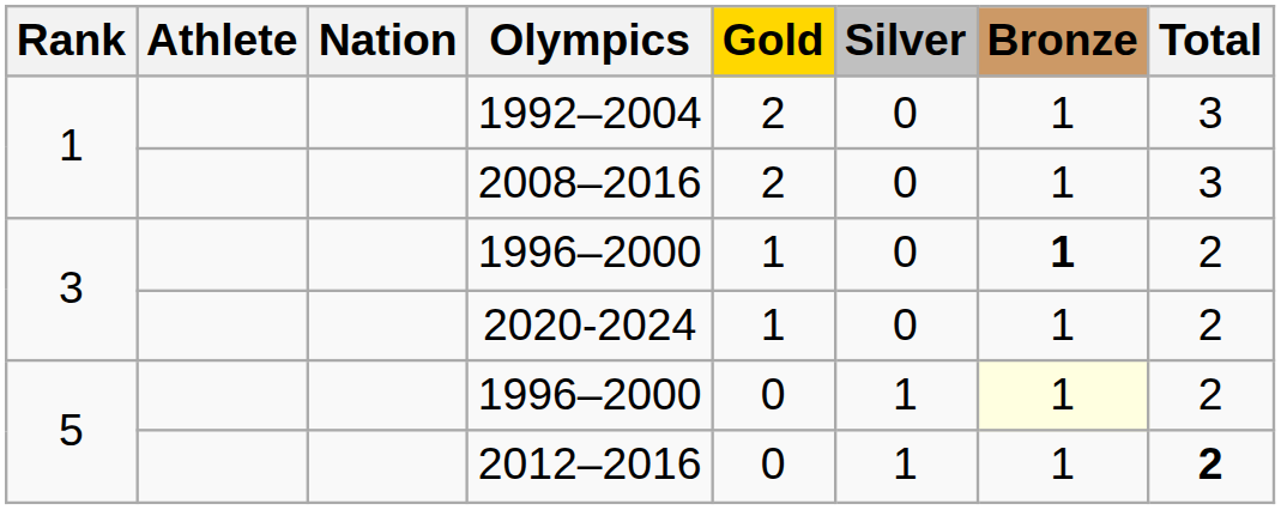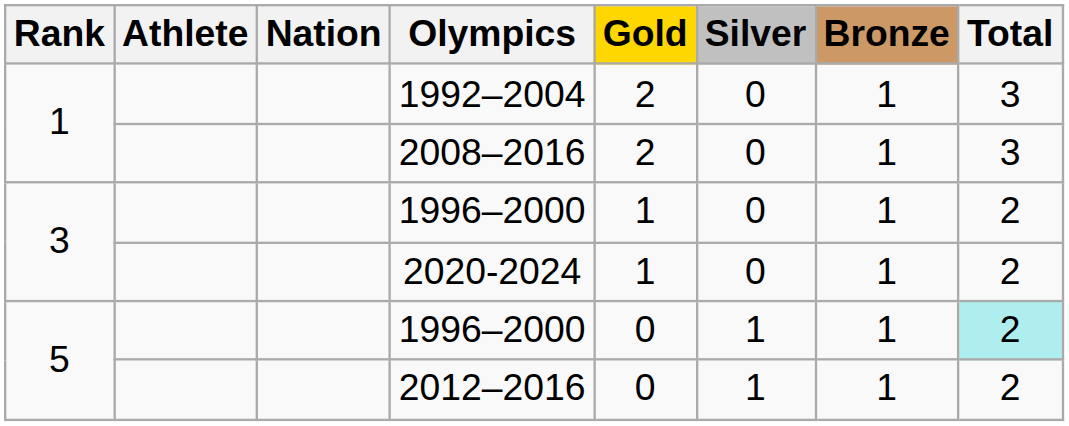 <table class="wikitable sortable" style="text-align:center">
 <tr>
 <th>Rank</th>
 <th>Athlete</th>
 <th>Nation</th>
 <th>Olympics</th>
 <th style="background-color:gold">Gold</th>
 <th style="background-color:silver">Silver</th>
 <th style="background-color:#cc9966">Bronze</th>
 <th>Total</th>
 </tr>
 <tr>
 <td rowspan="2">1</td>
 <td align="left"></td>
 <td align=left></td>
 <td>1992–2004</td>
 <td>2</td>
 <td>0</td>
 <td>1</td>
 <td>3</td>
 </tr>
 <tr>
 <td align="left"></td>
 <td align=left></td>
 <td>2008–2016</td>
 <td>2</td>
 <td>0</td>
 <td>1</td>
 <td>3</td>
 </tr>
 <tr>
 <td rowspan="2">3</td>
 <td align=left></td>
 <td align=left></td>
 <td>1996–2000</td>
 <td>1</td>
 <td>0</td>
-<td><strong>1</strong></td>
+<td>1</td>
 <td>2</td>
 </tr>
 <tr>
 <td align=left></td>
 <td align=left></td>
 <td>2020-2024</td>
 <td>1</td>
 <td>0</td>
 <td>1</td>
 <td>2</td>
 </tr>
 <tr>
 <td rowspan="2">5</td>
 <td align="left"></td>
 <td align="left"></td>
 <td>1996–2000</td>
 <td>0</td>
 <td>1</td>
-<td style="background: lightyellow;">1</td>
-<td>2</td>
+<td>1</td>
+<td style="background: paleturquoise;">2</td>
 </tr>
 <tr>
 <td align="left"></td>
 <td align="left"></td>
 <td>2012–2016</td>
 <td>0</td>
 <td>1</td>
 <td>1</td>
-<td><strong>2</strong></td>
+<td>2</td>
 </tr>
 </table>
